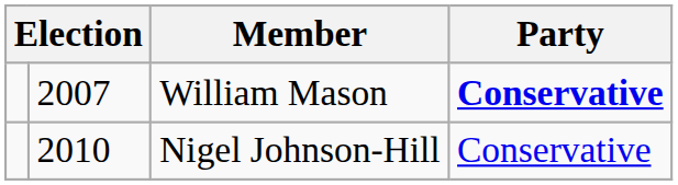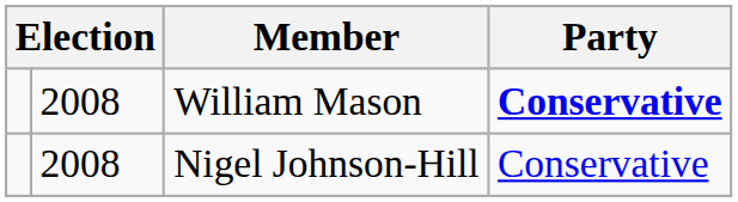 <table class="wikitable">
 <tr>
 <th colspan="2">Election</th>
 <th>Member</th>
 <th>Party</th>
 </tr>
 <tr>
 <td style="background-color: "></td>
-<td>2007</td>
+<td>2008</td>
 <td>William Mason</td>
 <td><strong><a href='#'>Conservative</a></strong></td>
 </tr>
 <tr>
 <td style="background-color: "></td>
-<td>2010</td>
+<td>2008</td>
 <td>Nigel Johnson-Hill</td>
 <td><a href='#'>Conservative</a></td>
 </tr>
 </table>
